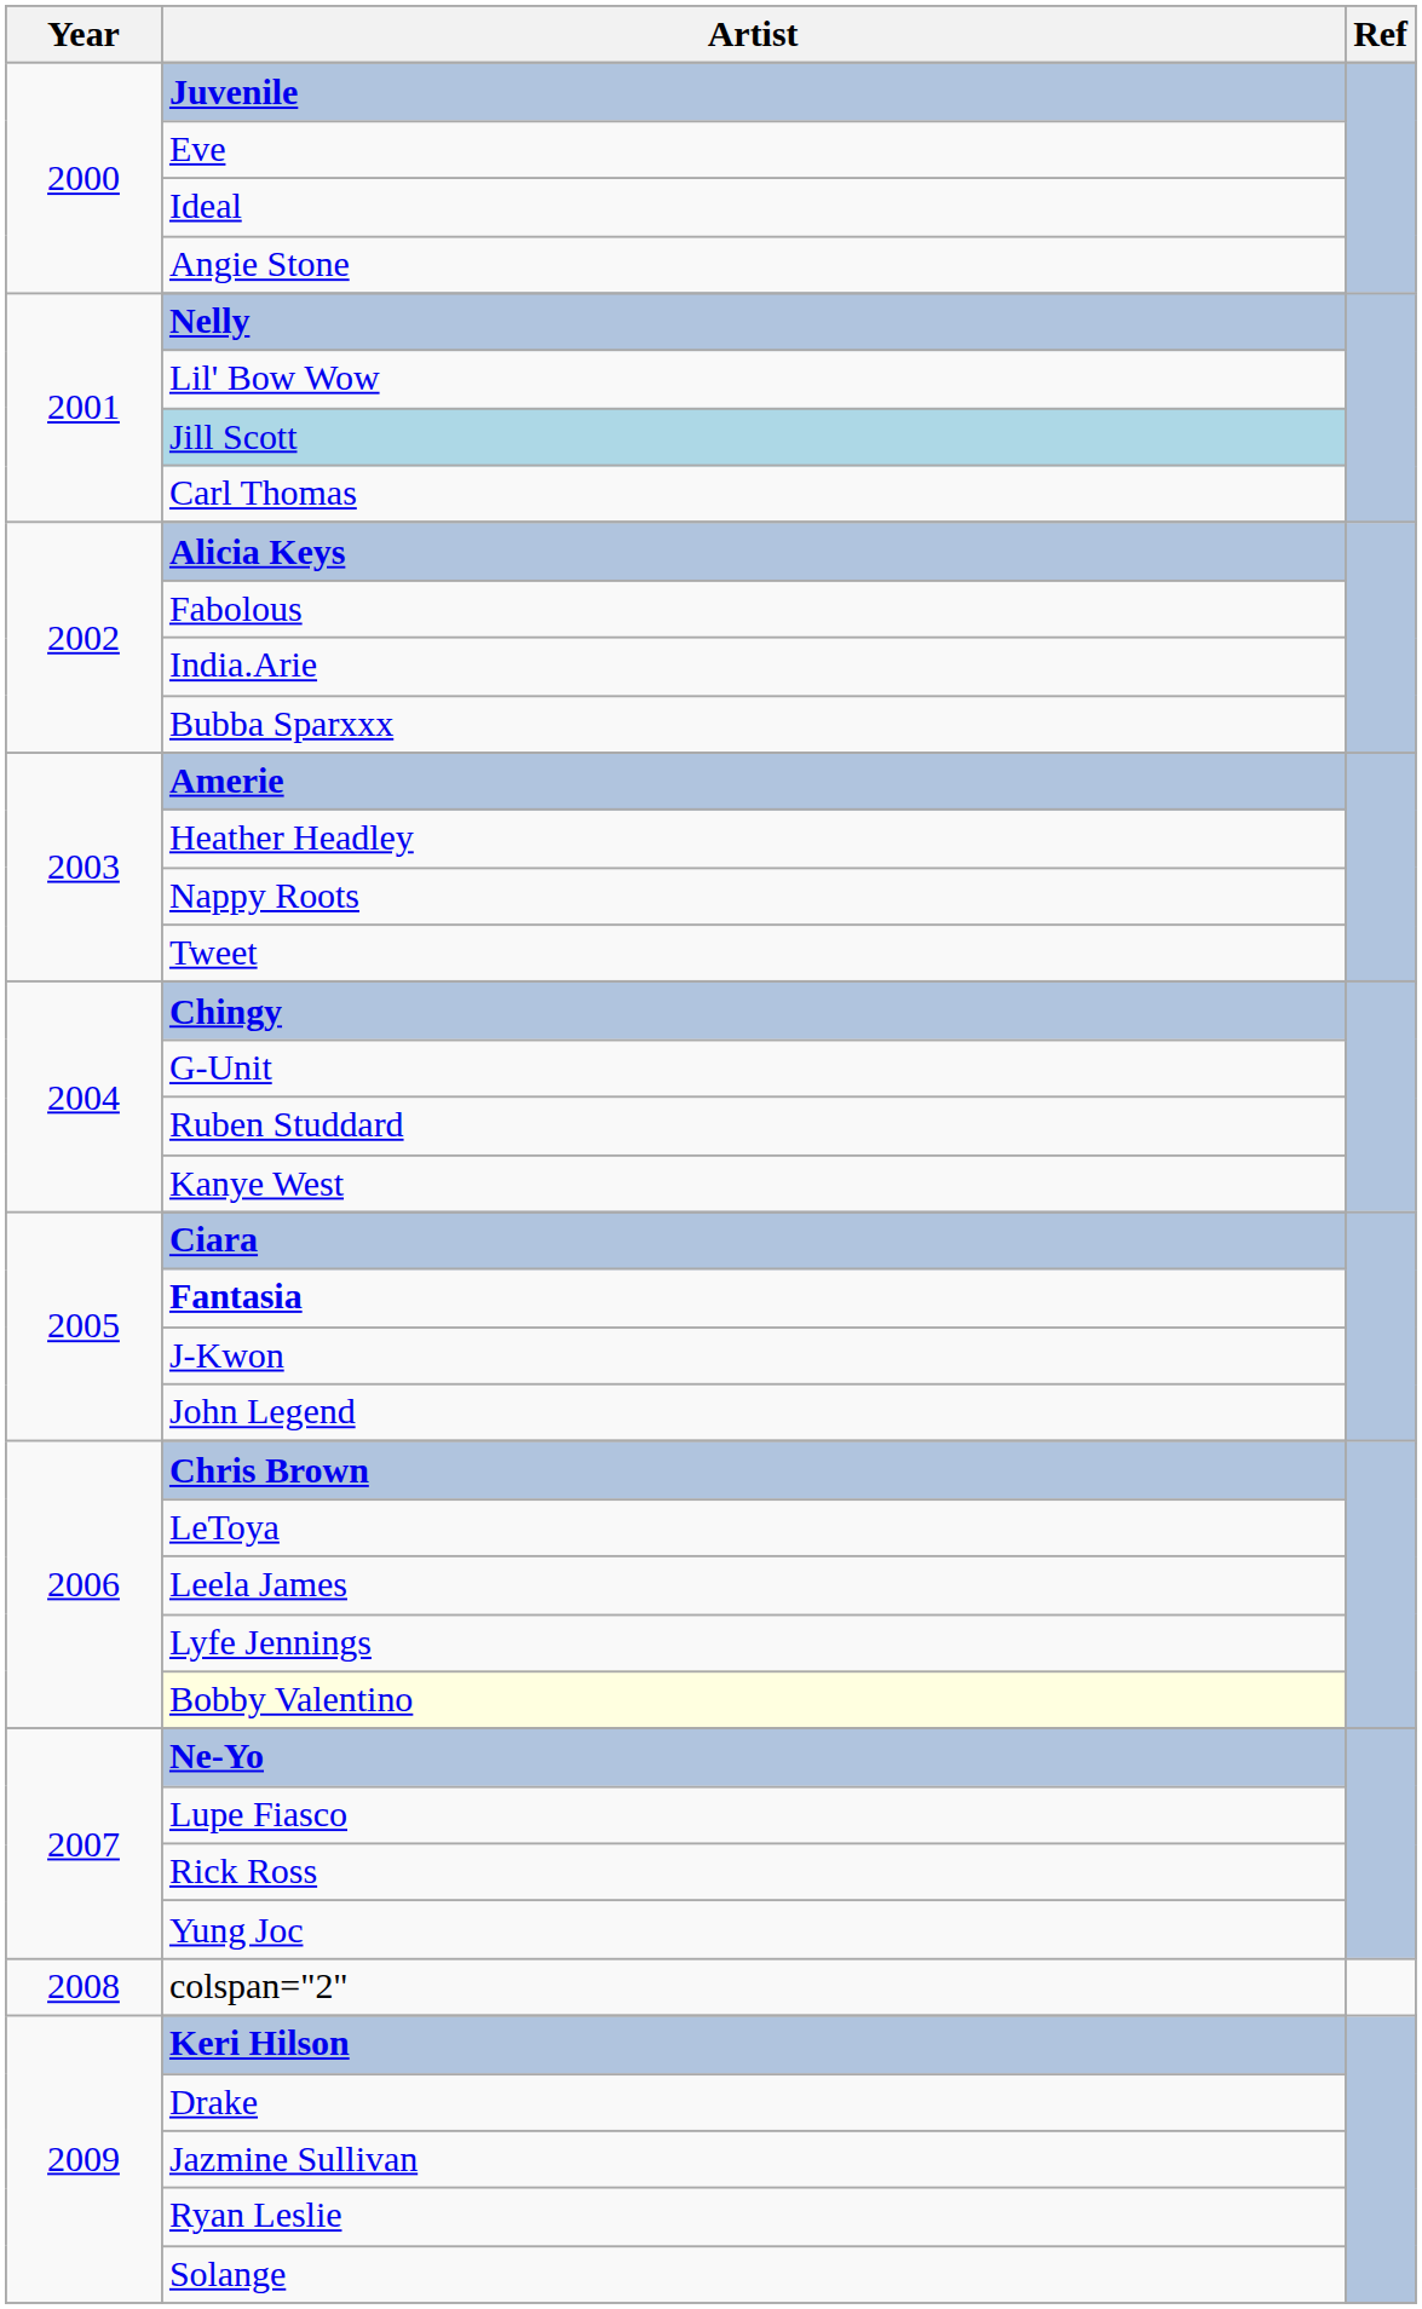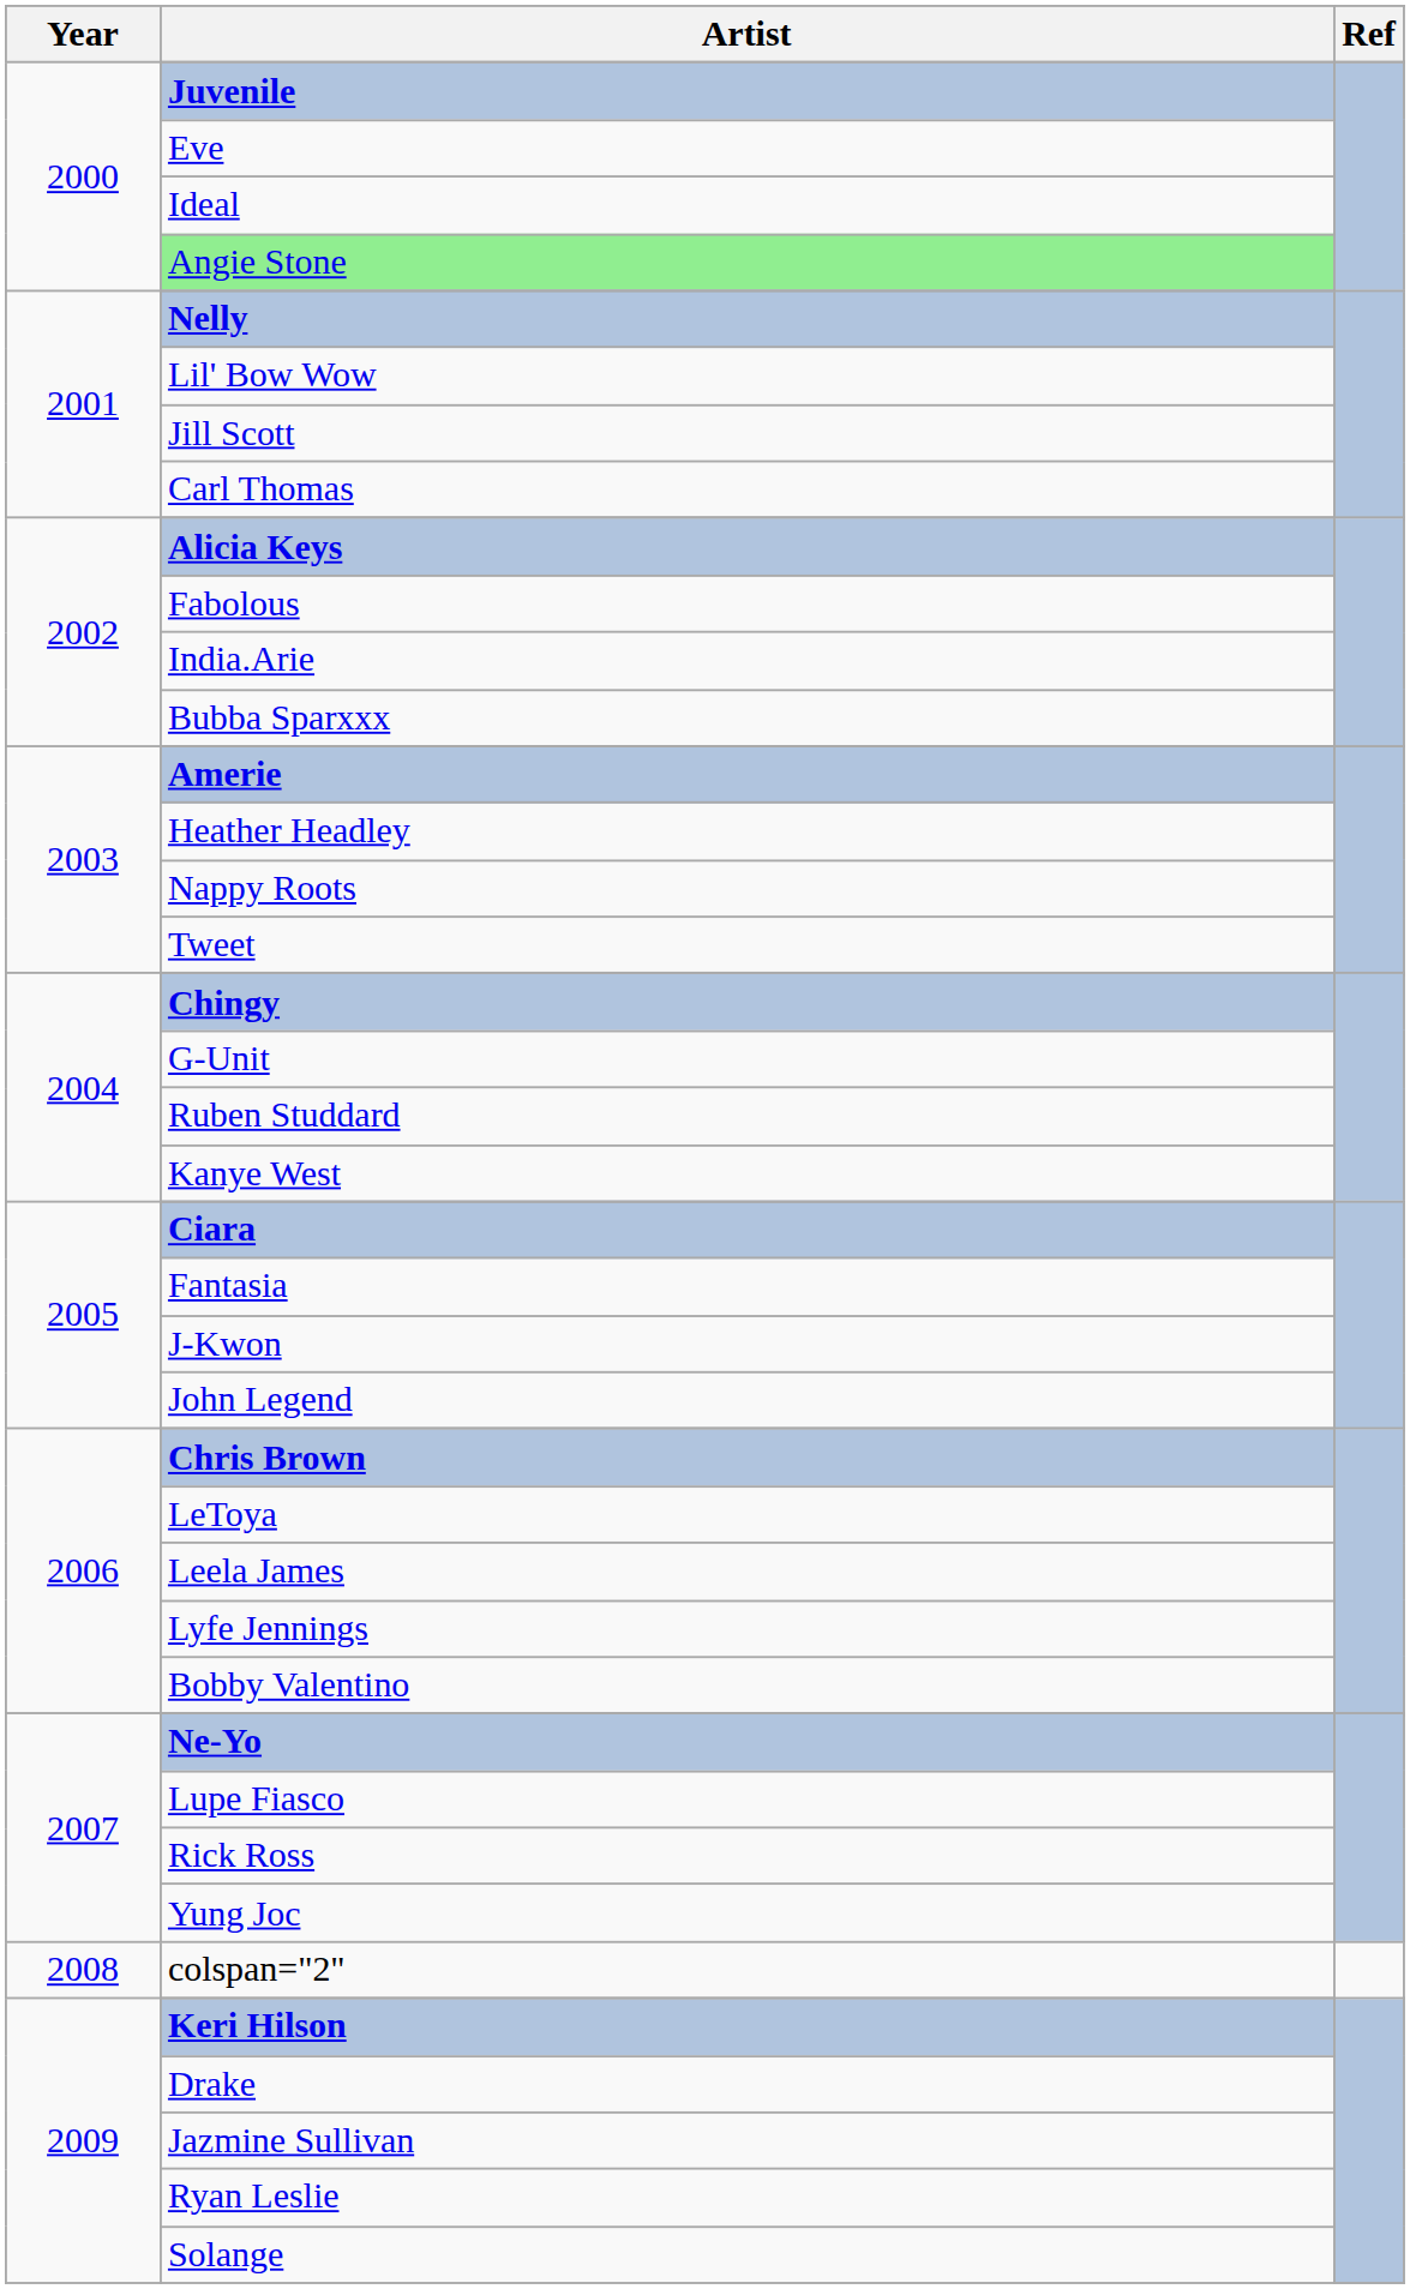 <table class="wikitable" style="width:100%;">
 <tr style="background:#bebebe;">
 <th style="width:11%;">Year</th>
 <th style="width:84%;">Artist</th>
 <th style="width:5%;">Ref</th>
 </tr>
 <tr>
 <td rowspan="5" align="center"><a href='#'>2000</a></td>
 </tr>
 <tr style="background:#B0C4DE">
 <td><strong><a href='#'>Juvenile</a></strong></td>
 <td rowspan="5" align="center"></td>
 </tr>
 <tr>
 <td><a href='#'>Eve</a></td>
 </tr>
 <tr>
 <td><a href='#'>Ideal</a></td>
 </tr>
 <tr>
-<td><a href='#'>Angie Stone</a></td>
+<td style="background: lightgreen;"><a href='#'>Angie Stone</a></td>
 </tr>
 <tr>
 <td rowspan="5" align="center"><a href='#'>2001</a></td>
 </tr>
 <tr style="background:#B0C4DE">
 <td><strong><a href='#'>Nelly</a></strong></td>
 <td rowspan="5" align="center"></td>
 </tr>
 <tr>
 <td><a href='#'>Lil' Bow Wow</a></td>
 </tr>
 <tr>
-<td style="background: lightblue;"><a href='#'>Jill Scott</a></td>
+<td><a href='#'>Jill Scott</a></td>
 </tr>
 <tr>
 <td><a href='#'>Carl Thomas</a></td>
 </tr>
 <tr>
 <td rowspan="5" align="center"><a href='#'>2002</a></td>
 </tr>
 <tr style="background:#B0C4DE">
 <td><strong><a href='#'>Alicia Keys</a></strong></td>
 <td rowspan="5" align="center"></td>
 </tr>
 <tr>
 <td><a href='#'>Fabolous</a></td>
 </tr>
 <tr>
 <td><a href='#'>India.Arie</a></td>
 </tr>
 <tr>
 <td><a href='#'>Bubba Sparxxx</a></td>
 </tr>
 <tr>
 <td rowspan="5" align="center"><a href='#'>2003</a></td>
 </tr>
 <tr style="background:#B0C4DE">
 <td><strong><a href='#'>Amerie</a></strong></td>
 <td rowspan="5" align="center"></td>
 </tr>
 <tr>
 <td><a href='#'>Heather Headley</a></td>
 </tr>
 <tr>
 <td><a href='#'>Nappy Roots</a></td>
 </tr>
 <tr>
 <td><a href='#'>Tweet</a></td>
 </tr>
 <tr>
 <td rowspan="5" align="center"><a href='#'>2004</a></td>
 </tr>
 <tr style="background:#B0C4DE">
 <td><strong><a href='#'>Chingy</a></strong></td>
 <td rowspan="5" align="center"></td>
 </tr>
 <tr>
 <td><a href='#'>G-Unit</a></td>
 </tr>
 <tr>
 <td><a href='#'>Ruben Studdard</a></td>
 </tr>
 <tr>
 <td><a href='#'>Kanye West</a></td>
 </tr>
 <tr>
 <td rowspan="5" align="center"><a href='#'>2005</a></td>
 </tr>
 <tr style="background:#B0C4DE">
 <td><strong><a href='#'>Ciara</a></strong></td>
 <td rowspan="5" align="center"></td>
 </tr>
 <tr>
-<td><strong><a href='#'>Fantasia</a></strong></td>
+<td><a href='#'>Fantasia</a></td>
 </tr>
 <tr>
 <td><a href='#'>J-Kwon</a></td>
 </tr>
 <tr>
 <td><a href='#'>John Legend</a></td>
 </tr>
 <tr>
 <td rowspan="6" align="center"><a href='#'>2006</a></td>
 </tr>
 <tr style="background:#B0C4DE">
 <td><strong><a href='#'>Chris Brown</a></strong></td>
 <td rowspan="6" align="center"></td>
 </tr>
 <tr>
 <td><a href='#'>LeToya</a></td>
 </tr>
 <tr>
 <td><a href='#'>Leela James</a></td>
 </tr>
 <tr>
 <td><a href='#'>Lyfe Jennings</a></td>
 </tr>
 <tr>
-<td style="background: lightyellow;"><a href='#'>Bobby Valentino</a></td>
+<td><a href='#'>Bobby Valentino</a></td>
 </tr>
 <tr>
 <td rowspan="5" align="center"><a href='#'>2007</a></td>
 </tr>
 <tr style="background:#B0C4DE">
 <td><strong><a href='#'>Ne-Yo</a></strong></td>
 <td rowspan="4" align="center"></td>
 </tr>
 <tr>
 <td><a href='#'>Lupe Fiasco</a></td>
 </tr>
 <tr>
 <td><a href='#'>Rick Ross</a></td>
 </tr>
 <tr>
 <td><a href='#'>Yung Joc</a></td>
 </tr>
 <tr>
 <td align="center"><a href='#'>2008</a></td>
 <td>colspan="2" </td>
 </tr>
 <tr>
 <td rowspan="6" align="center"><a href='#'>2009</a></td>
 </tr>
 <tr style="background:#B0C4DE">
 <td><strong><a href='#'>Keri Hilson</a></strong></td>
 <td rowspan="6" align="center"></td>
 </tr>
 <tr>
 <td><a href='#'>Drake</a></td>
 </tr>
 <tr>
 <td><a href='#'>Jazmine Sullivan</a></td>
 </tr>
 <tr>
 <td><a href='#'>Ryan Leslie</a></td>
 </tr>
 <tr>
 <td><a href='#'>Solange</a></td>
 </tr>
 </table>
